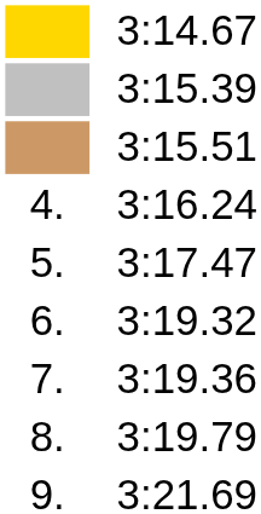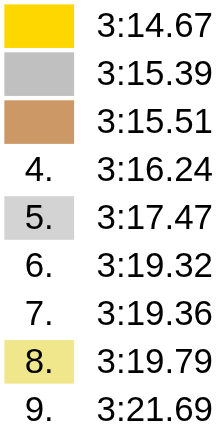 <table style="text-align:center">
 <tr>
 <td width=30 bgcolor=gold></td>
 <td align=left></td>
 <td width=60>3:14.67</td>
 </tr>
 <tr>
 <td bgcolor=silver></td>
 <td align=left></td>
 <td>3:15.39</td>
 </tr>
 <tr>
 <td bgcolor=cc9966></td>
 <td align=left></td>
 <td>3:15.51</td>
 </tr>
 <tr>
 <td>4.</td>
 <td align=left></td>
 <td>3:16.24</td>
 </tr>
 <tr>
-<td>5.</td>
+<td style="background: lightgrey;">5.</td>
 <td align=left></td>
 <td>3:17.47</td>
 </tr>
 <tr>
 <td>6.</td>
 <td align=left></td>
 <td>3:19.32</td>
 </tr>
 <tr>
 <td>7.</td>
 <td align=left></td>
 <td>3:19.36</td>
 </tr>
 <tr>
-<td>8.</td>
+<td style="background: khaki;">8.</td>
 <td align=left></td>
 <td>3:19.79</td>
 </tr>
 <tr>
 <td>9.</td>
 <td align=left></td>
 <td>3:21.69</td>
 </tr>
 </table>
